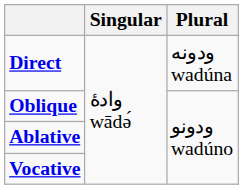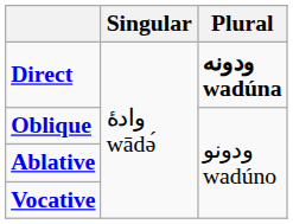 <table class="wikitable">
 <tr>
 <th></th>
 <th>Singular</th>
 <th>Plural</th>
 </tr>
 <tr>
 <td><strong><a href='#'>Direct</a></strong></td>
 <td rowspan="4">وادۀ<br>wādә́</td>
-<td>ودونه<br>wadúna</td>
+<td><strong>ودونه<br>wadúna</strong></td>
 </tr>
 <tr>
 <td><strong><a href='#'>Oblique</a></strong></td>
 <td rowspan="3">ودونو<br>wadúno</td>
 </tr>
 <tr>
 <td><strong><a href='#'>Ablative</a></strong></td>
 </tr>
 <tr>
 <td><strong><a href='#'>Vocative</a></strong></td>
 </tr>
 </table>
